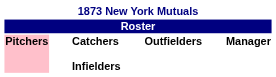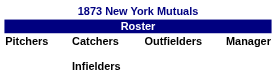 <table class="toccolours" style="font-size: 95%;">
 <tr>
 <th colspan="10" style="background-color: white; color: navy; text-align: center;">1873 New York Mutuals</th>
 </tr>
 <tr>
 <td colspan="10" style="background-color: navy; color: white; text-align: center;"><strong>Roster</strong></td>
 </tr>
 <tr>
-<td valign="top" style="background: pink;"><strong>Pitchers</strong><br></td>
+<td valign="top"><strong>Pitchers</strong><br></td>
 <td width="25px"></td>
 <td valign="top"><strong>Catchers</strong><br> <br><strong>Infielders</strong>     </td>
 <td width="25px"></td>
 <td valign="top"><strong>Outfielders</strong><br>    </td>
 <td width="25px"></td>
 <td valign="top"><strong>Manager</strong><br> </td>
 </tr>
 <tr>
 </tr>
 </table>
